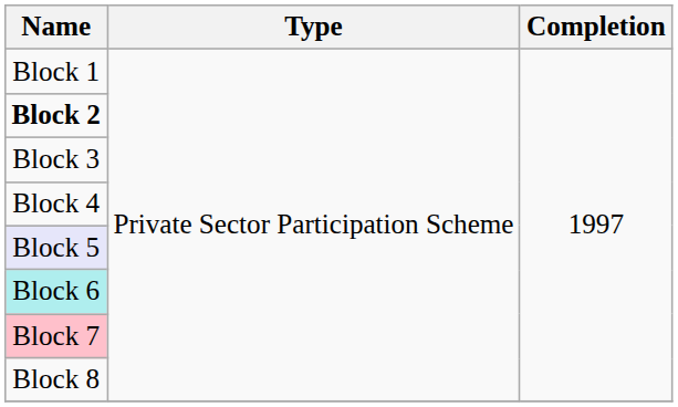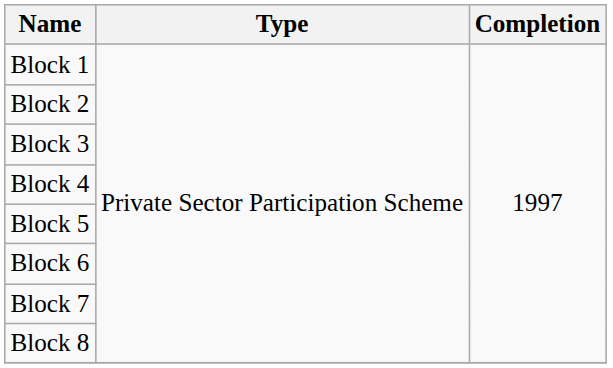 <table class="wikitable" style="text-align: center">
 <tr>
 <th>Name</th>
 <th>Type</th>
 <th>Completion</th>
 </tr>
 <tr>
 <td>Block 1</td>
 <td rowspan="8">Private Sector Participation Scheme</td>
 <td rowspan="8">1997</td>
 </tr>
 <tr>
-<td><strong>Block 2</strong></td>
+<td>Block 2</td>
 </tr>
 <tr>
 <td>Block 3</td>
 </tr>
 <tr>
 <td>Block 4</td>
 </tr>
 <tr>
-<td style="background: lavender;">Block 5</td>
+<td>Block 5</td>
 </tr>
 <tr>
-<td style="background: paleturquoise;">Block 6</td>
+<td>Block 6</td>
 </tr>
 <tr>
-<td style="background: pink;">Block 7</td>
+<td>Block 7</td>
 </tr>
 <tr>
 <td>Block 8</td>
 </tr>
 <tr>
 </tr>
 </table>
